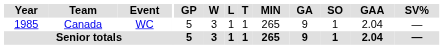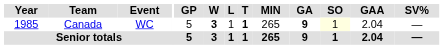 <table border="0" cellpadding="1" cellspacing="0" ID="Table3" style="text-align:center; width:40em">
 <tr ALIGN="center" bgcolor="#e0e0e0">
 <th>Year</th>
 <th>Team</th>
 <th>Event</th>
 <th rowspan="99" bgcolor="#ffffff"></th>
 <th>GP</th>
 <th>W</th>
 <th>L</th>
 <th>T</th>
 <th>MIN</th>
 <th>GA</th>
 <th>SO</th>
 <th>GAA</th>
 <th>SV%</th>
 </tr>
 <tr>
 <td><a href='#'>1985</a></td>
 <td><a href='#'>Canada</a></td>
 <td><a href='#'>WC</a></td>
 <td>5</td>
-<td>3</td>
+<td><strong>3</strong></td>
 <td>1</td>
-<td>1</td>
+<td><strong>1</strong></td>
 <td>265</td>
-<td>9</td>
-<td>1</td>
+<td><strong>9</strong></td>
+<td style="background: lightyellow;">1</td>
 <td>2.04</td>
 <td>—</td>
 </tr>
 <tr bgcolor="#e0e0e0">
 <th colspan=4>Senior totals</th>
 <th>5</th>
 <th>3</th>
 <th>1</th>
 <th>1</th>
 <th>265</th>
 <th>9</th>
 <th>1</th>
 <th>2.04</th>
 <th>—</th>
 </tr>
 </table>
